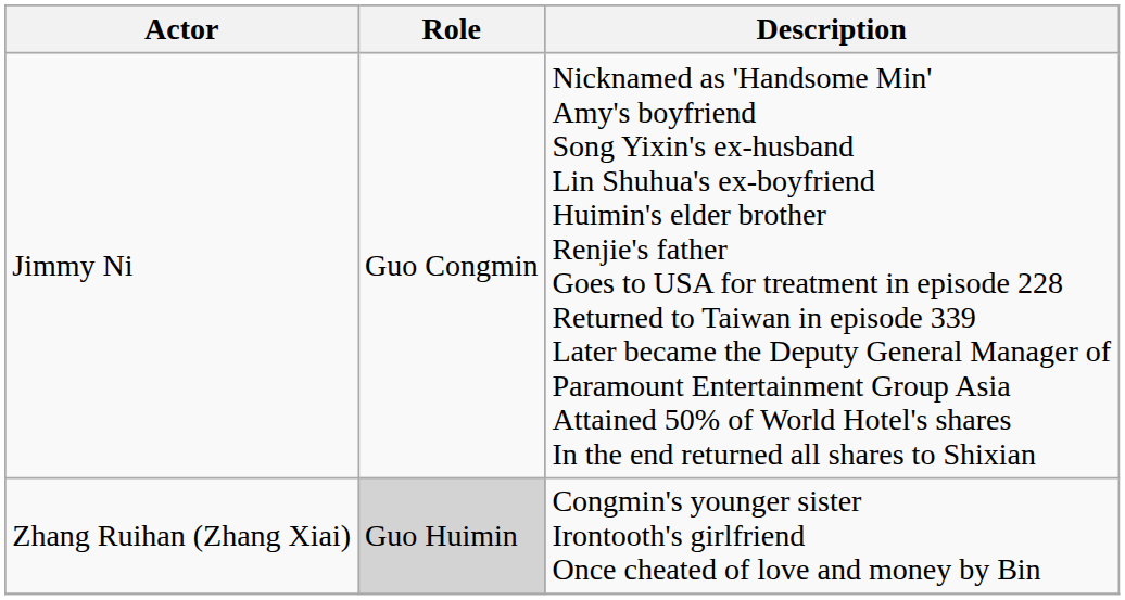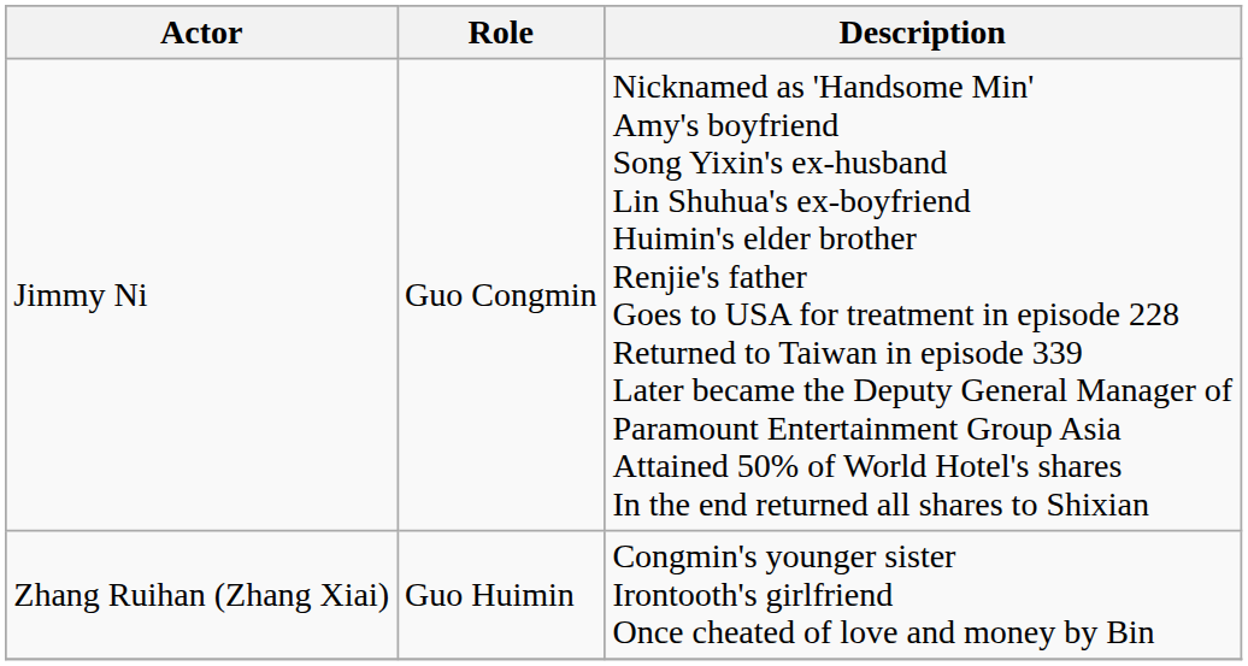 <table class="wikitable">
 <tr>
 <th>Actor</th>
 <th>Role</th>
 <th>Description</th>
 </tr>
 <tr>
 <td>Jimmy Ni</td>
 <td>Guo Congmin</td>
 <td>Nicknamed as 'Handsome Min'<br>Amy's boyfriend<br>Song Yixin's ex-husband<br>Lin Shuhua's ex-boyfriend<br>Huimin's elder brother<br>Renjie's father<br>Goes to USA for treatment in episode 228<br>Returned to Taiwan in episode 339<br>Later became the Deputy General Manager of<br>Paramount Entertainment Group Asia<br>Attained 50% of World Hotel's shares<br>In the end returned all shares to Shixian</td>
 </tr>
 <tr>
 <td>Zhang Ruihan (Zhang Xiai)</td>
-<td style="background: lightgrey;">Guo Huimin</td>
+<td>Guo Huimin</td>
 <td>Congmin's younger sister<br>Irontooth's girlfriend<br>Once cheated of love and money by Bin</td>
 </tr>
 <tr>
 </tr>
 </table>
